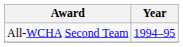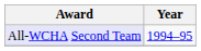 <table class="wikitable">
 <tr>
 <th>Award</th>
 <th>Year</th>
 </tr>
 <tr>
-<td>All-<a href='#'>WCHA</a> <a href='#'>Second Team</a></td>
+<td style="background: lavender;">All-<a href='#'>WCHA</a> <a href='#'>Second Team</a></td>
 <td><a href='#'>1994–95</a></td>
 </tr>
 <tr>
 </tr>
 </table>
